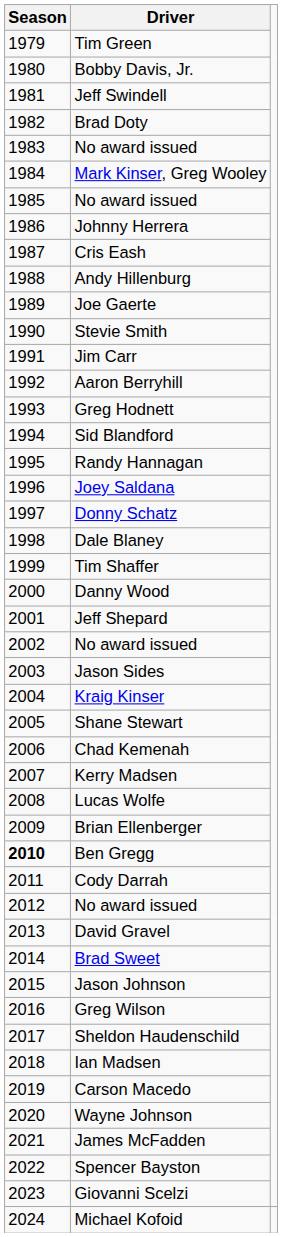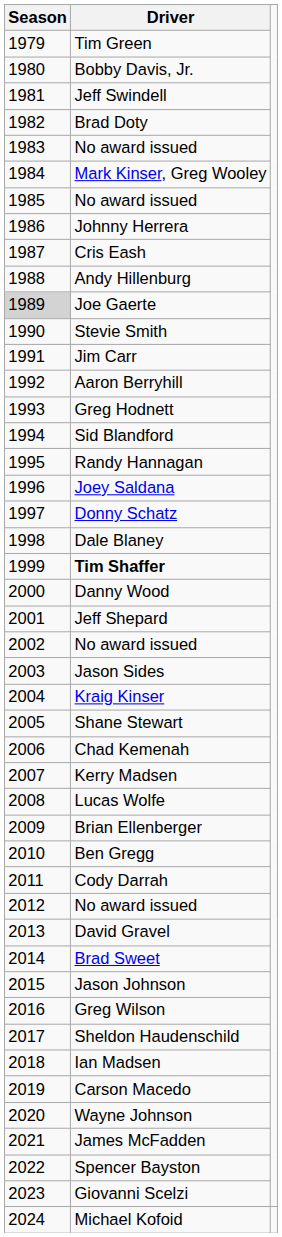 <table class="wikitable">
 <tr>
 <th>Season</th>
 <th>Driver</th>
 </tr>
 <tr>
 <td>1979</td>
 <td>Tim Green</td>
 </tr>
 <tr>
 <td>1980</td>
 <td>Bobby Davis, Jr.</td>
 </tr>
 <tr>
 <td>1981</td>
 <td>Jeff Swindell</td>
 </tr>
 <tr>
 <td>1982</td>
 <td>Brad Doty</td>
 </tr>
 <tr>
 <td>1983</td>
 <td>No award issued</td>
 </tr>
 <tr>
 <td>1984</td>
 <td><a href='#'>Mark Kinser</a>, Greg Wooley</td>
 </tr>
 <tr>
 <td>1985</td>
 <td>No award issued</td>
 </tr>
 <tr>
 <td>1986</td>
 <td>Johnny Herrera</td>
 </tr>
 <tr>
 <td>1987</td>
 <td>Cris Eash</td>
 </tr>
 <tr>
 <td>1988</td>
 <td>Andy Hillenburg</td>
 </tr>
 <tr>
-<td>1989</td>
+<td style="background: lightgrey;">1989</td>
 <td>Joe Gaerte</td>
 </tr>
 <tr>
 <td>1990</td>
 <td>Stevie Smith</td>
 </tr>
 <tr>
 <td>1991</td>
 <td>Jim Carr</td>
 </tr>
 <tr>
 <td>1992</td>
 <td>Aaron Berryhill</td>
 </tr>
 <tr>
 <td>1993</td>
 <td>Greg Hodnett</td>
 </tr>
 <tr>
 <td>1994</td>
 <td>Sid Blandford</td>
 </tr>
 <tr>
 <td>1995</td>
 <td>Randy Hannagan</td>
 </tr>
 <tr>
 <td>1996</td>
 <td><a href='#'>Joey Saldana</a></td>
 </tr>
 <tr>
 <td>1997</td>
 <td><a href='#'>Donny Schatz</a></td>
 </tr>
 <tr>
 <td>1998</td>
 <td>Dale Blaney</td>
 </tr>
 <tr>
 <td>1999</td>
-<td>Tim Shaffer</td>
+<td><strong>Tim Shaffer</strong></td>
 </tr>
 <tr>
 <td>2000</td>
 <td>Danny Wood</td>
 </tr>
 <tr>
 <td>2001</td>
 <td>Jeff Shepard</td>
 </tr>
 <tr>
 <td>2002</td>
 <td>No award issued</td>
 </tr>
 <tr>
 <td>2003</td>
 <td>Jason Sides</td>
 </tr>
 <tr>
 <td>2004</td>
 <td><a href='#'>Kraig Kinser</a></td>
 </tr>
 <tr>
 <td>2005</td>
 <td>Shane Stewart</td>
 </tr>
 <tr>
 <td>2006</td>
 <td>Chad Kemenah</td>
 </tr>
 <tr>
 <td>2007</td>
 <td>Kerry Madsen</td>
 </tr>
 <tr>
 <td>2008</td>
 <td>Lucas Wolfe</td>
 </tr>
 <tr>
 <td>2009</td>
 <td>Brian Ellenberger</td>
 </tr>
 <tr>
-<td><strong>2010</strong></td>
+<td>2010</td>
 <td>Ben Gregg</td>
 </tr>
 <tr>
 <td>2011</td>
 <td>Cody Darrah</td>
 </tr>
 <tr>
 <td>2012</td>
 <td>No award issued</td>
 </tr>
 <tr>
 <td>2013</td>
 <td>David Gravel</td>
 </tr>
 <tr>
 <td>2014</td>
 <td><a href='#'>Brad Sweet</a></td>
 </tr>
 <tr>
 <td>2015</td>
 <td>Jason Johnson</td>
 </tr>
 <tr>
 <td>2016</td>
 <td>Greg Wilson</td>
 </tr>
 <tr>
 <td>2017</td>
 <td>Sheldon Haudenschild</td>
 </tr>
 <tr>
 <td>2018</td>
 <td>Ian Madsen</td>
 </tr>
 <tr>
 <td>2019</td>
 <td>Carson Macedo</td>
 </tr>
 <tr>
 <td>2020</td>
 <td>Wayne Johnson</td>
 </tr>
 <tr>
 <td>2021</td>
 <td>James McFadden</td>
 </tr>
 <tr>
 <td>2022</td>
 <td>Spencer Bayston</td>
 </tr>
 <tr>
 <td>2023</td>
 <td>Giovanni Scelzi</td>
 </tr>
 <tr>
 <td>2024</td>
 <td>Michael Kofoid</td>
 <td></td>
 </tr>
 <tr>
 </tr>
 </table>
